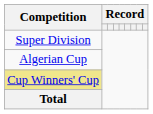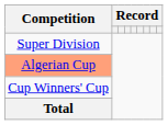 <table class="wikitable" style="text-align: center">
 <tr>
 <th rowspan=2>Competition</th>
 <th colspan=8>Record</th>
 </tr>
 <tr>
 <th></th>
 <th></th>
 <th></th>
 <th></th>
 <th></th>
 <th></th>
 <th></th>
 <th></th>
 </tr>
 <tr>
 <td><a href='#'>Super Division</a><br></td>
 </tr>
 <tr>
-<td><a href='#'>Algerian Cup</a><br></td>
+<td style="background: lightsalmon;"><a href='#'>Algerian Cup</a><br></td>
 </tr>
 <tr>
-<td style="background: khaki;"><a href='#'>Cup Winners' Cup</a><br></td>
+<td><a href='#'>Cup Winners' Cup</a><br></td>
 </tr>
 <tr>
 <th>Total<br></th>
 </tr>
 </table>
